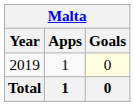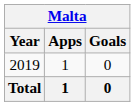 <table class="wikitable" style="text-align:center">
 <tr>
 <th colspan=3><a href='#'>Malta</a></th>
 </tr>
 <tr>
 <th>Year</th>
 <th>Apps</th>
 <th>Goals</th>
 </tr>
 <tr>
 <td>2019</td>
 <td>1</td>
-<td style="background: lightyellow;">0</td>
+<td>0</td>
 </tr>
 <tr>
 <th>Total</th>
 <th>1</th>
 <th>0</th>
 </tr>
 </table>
